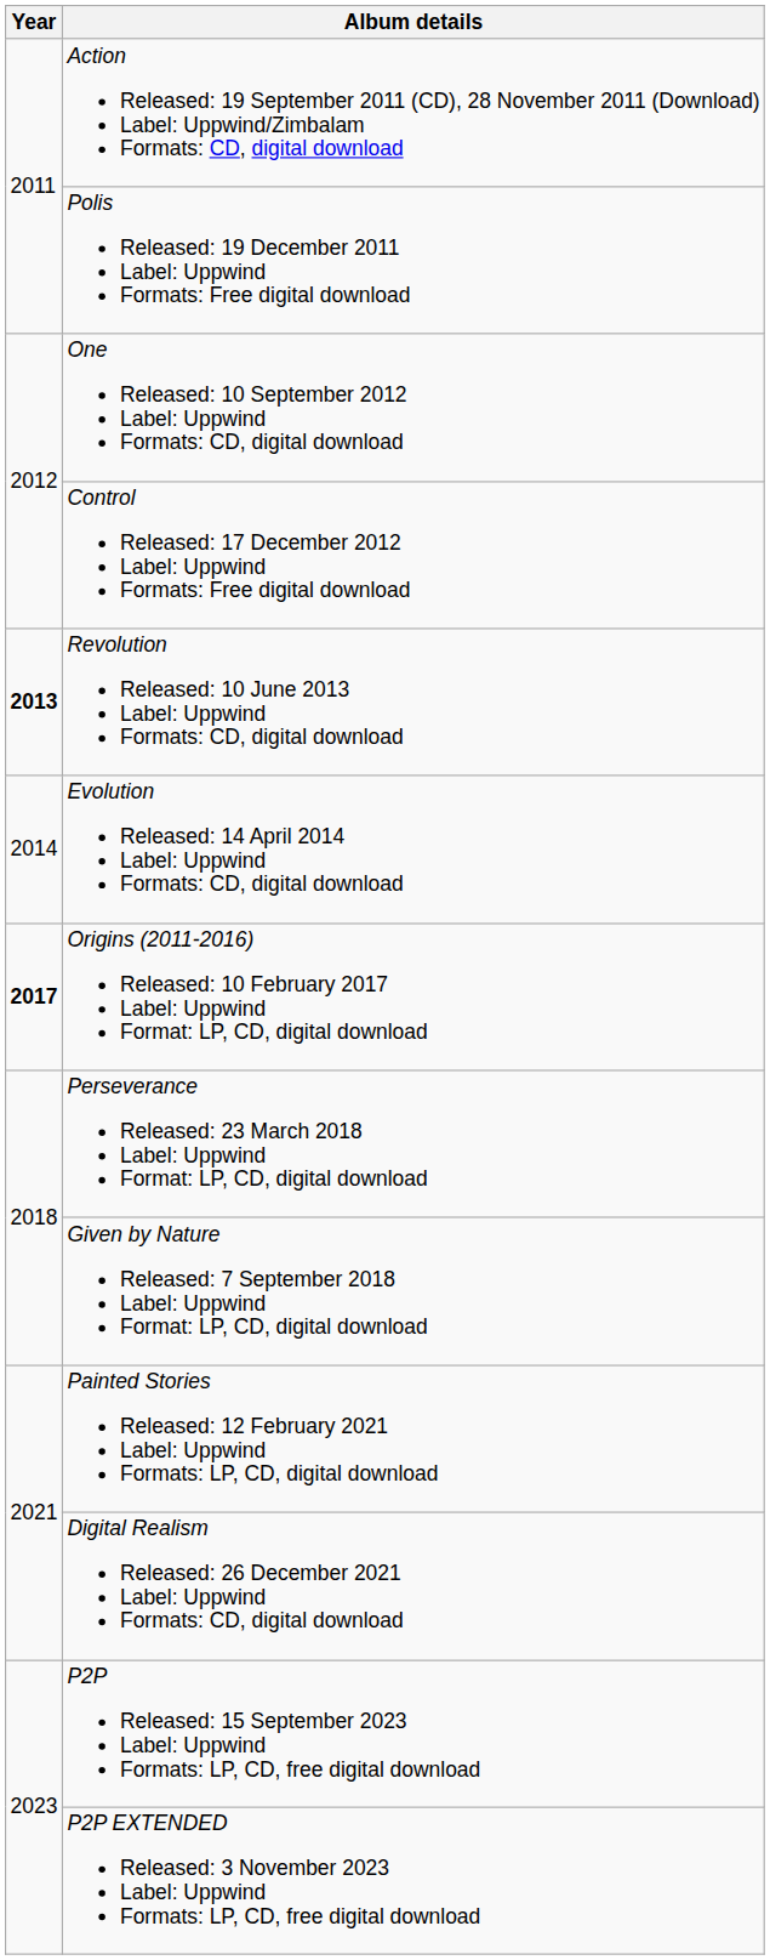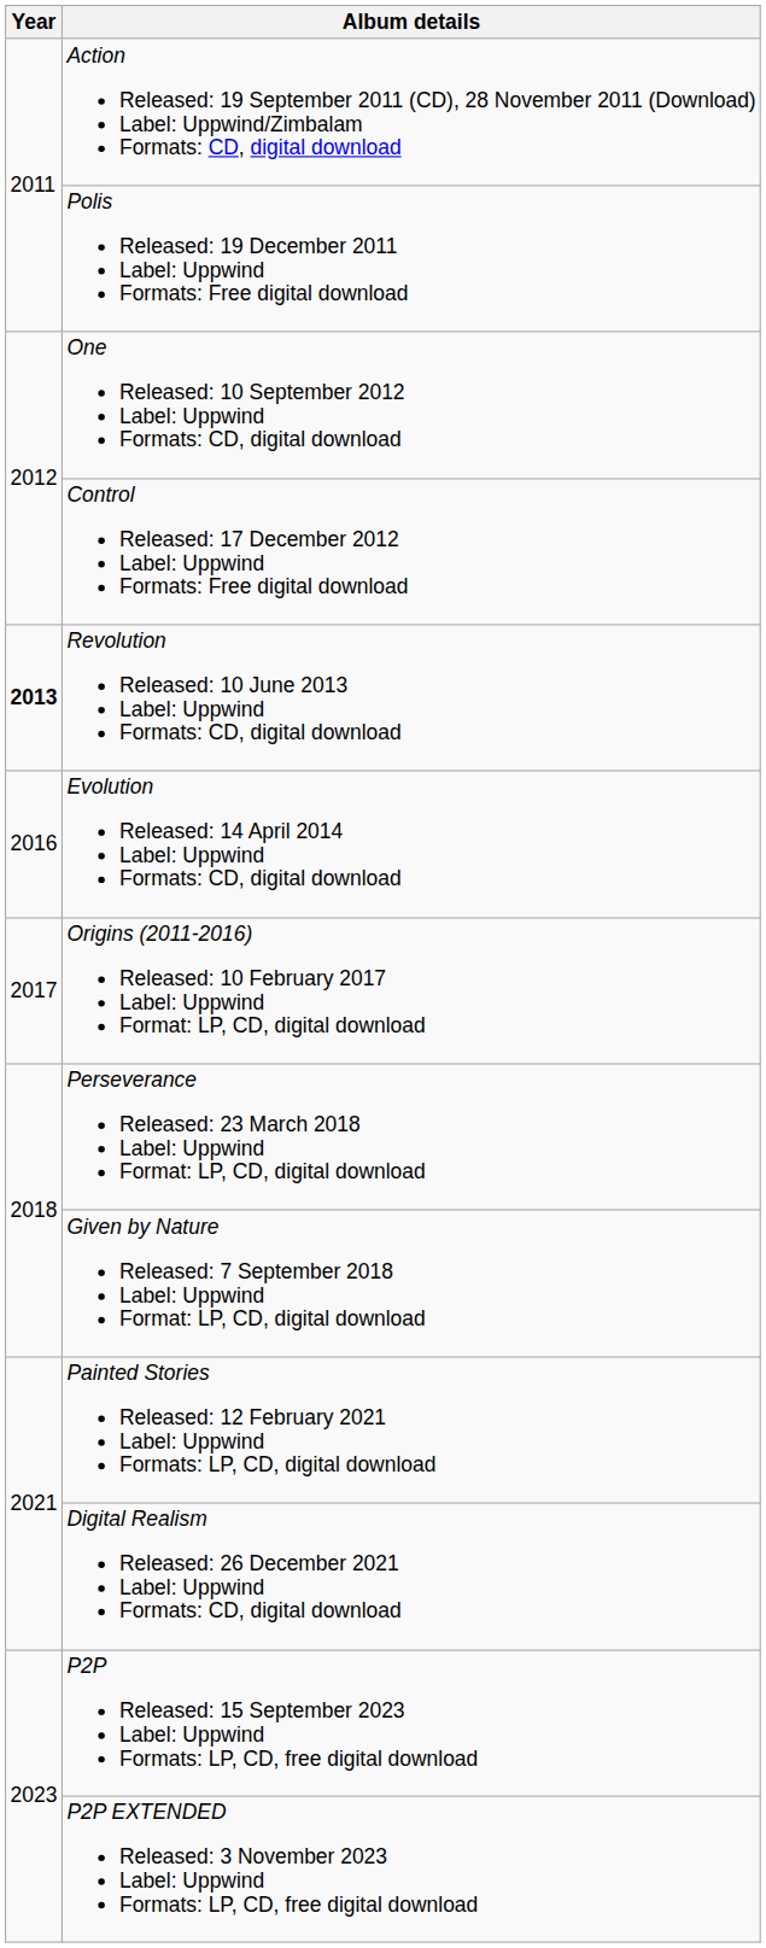 <table class="wikitable" border="1">
 <tr>
 <th>Year</th>
 <th>Album details</th>
 </tr>
 <tr>
 <td rowspan="2">2011</td>
 <td><em>Action</em><br><ul><li>Released: 19 September 2011 (CD), 28 November 2011 (Download)</li><li>Label: Uppwind/Zimbalam</li><li>Formats: <a href='#'>CD</a>, <a href='#'>digital download</a></li></ul></td>
 </tr>
 <tr>
 <td><em>Polis</em><br><ul><li>Released: 19 December 2011</li><li>Label: Uppwind</li><li>Formats: Free digital download</li></ul></td>
 </tr>
 <tr>
 <td rowspan="2">2012</td>
 <td><em>One</em><br><ul><li>Released: 10 September 2012</li><li>Label: Uppwind</li><li>Formats: CD, digital download</li></ul></td>
 </tr>
 <tr>
 <td><em>Control</em><br><ul><li>Released: 17 December 2012</li><li>Label: Uppwind</li><li>Formats: Free digital download</li></ul></td>
 </tr>
 <tr>
 <td><strong>2013</strong></td>
 <td><em>Revolution</em><br><ul><li>Released: 10 June 2013</li><li>Label: Uppwind</li><li>Formats: CD, digital download</li></ul></td>
 </tr>
 <tr>
-<td>2014</td>
+<td>2016</td>
 <td><em>Evolution</em><br><ul><li>Released: 14 April 2014</li><li>Label: Uppwind</li><li>Formats: CD, digital download</li></ul></td>
 </tr>
 <tr>
-<td><strong>2017</strong></td>
+<td>2017</td>
 <td><em>Origins (2011-2016)</em><br><ul><li>Released: 10 February 2017</li><li>Label: Uppwind</li><li>Format: LP, CD, digital download</li></ul></td>
 </tr>
 <tr>
 <td rowspan="2">2018</td>
 <td><em>Perseverance</em><br><ul><li>Released: 23 March 2018</li><li>Label: Uppwind</li><li>Format: LP, CD, digital download</li></ul></td>
 </tr>
 <tr>
 <td><em>Given by Nature</em><br><ul><li>Released: 7 September 2018</li><li>Label: Uppwind</li><li>Format: LP, CD, digital download</li></ul></td>
 </tr>
 <tr>
 <td rowspan="2">2021</td>
 <td><em>Painted Stories</em><br><ul><li>Released: 12 February 2021</li><li>Label: Uppwind</li><li>Formats: LP, CD, digital download</li></ul></td>
 </tr>
 <tr>
 <td><em>Digital Realism</em><br><ul><li>Released: 26 December 2021</li><li>Label: Uppwind</li><li>Formats: CD, digital download</li></ul></td>
 </tr>
 <tr>
 <td rowspan="2">2023</td>
 <td><em>P2P</em><br><ul><li>Released: 15 September 2023</li><li>Label: Uppwind</li><li>Formats: LP, CD, free digital download</li></ul></td>
 </tr>
 <tr>
 <td><em>P2P EXTENDED</em><br><ul><li>Released: 3 November 2023</li><li>Label: Uppwind</li><li>Formats: LP, CD, free digital download</li></ul></td>
 </tr>
 </table>
